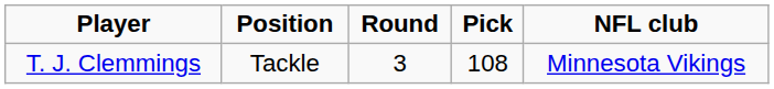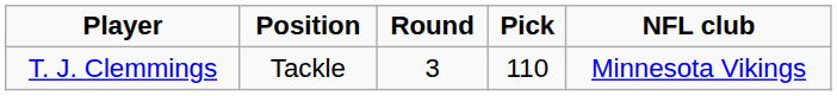 <table class="wikitable" style="width:80%;">
 <tr style="text-align:center; ">
 <td><strong>Player</strong></td>
 <td><strong>Position</strong></td>
 <td><strong>Round</strong></td>
 <td><strong>Pick</strong></td>
 <td><strong>NFL club</strong></td>
 </tr>
 <tr align="center" bgcolor="">
 <td><a href='#'>T. J. Clemmings</a></td>
 <td>Tackle</td>
 <td>3</td>
-<td>108</td>
+<td>110</td>
 <td><a href='#'>Minnesota Vikings</a></td>
 </tr>
 </table>
